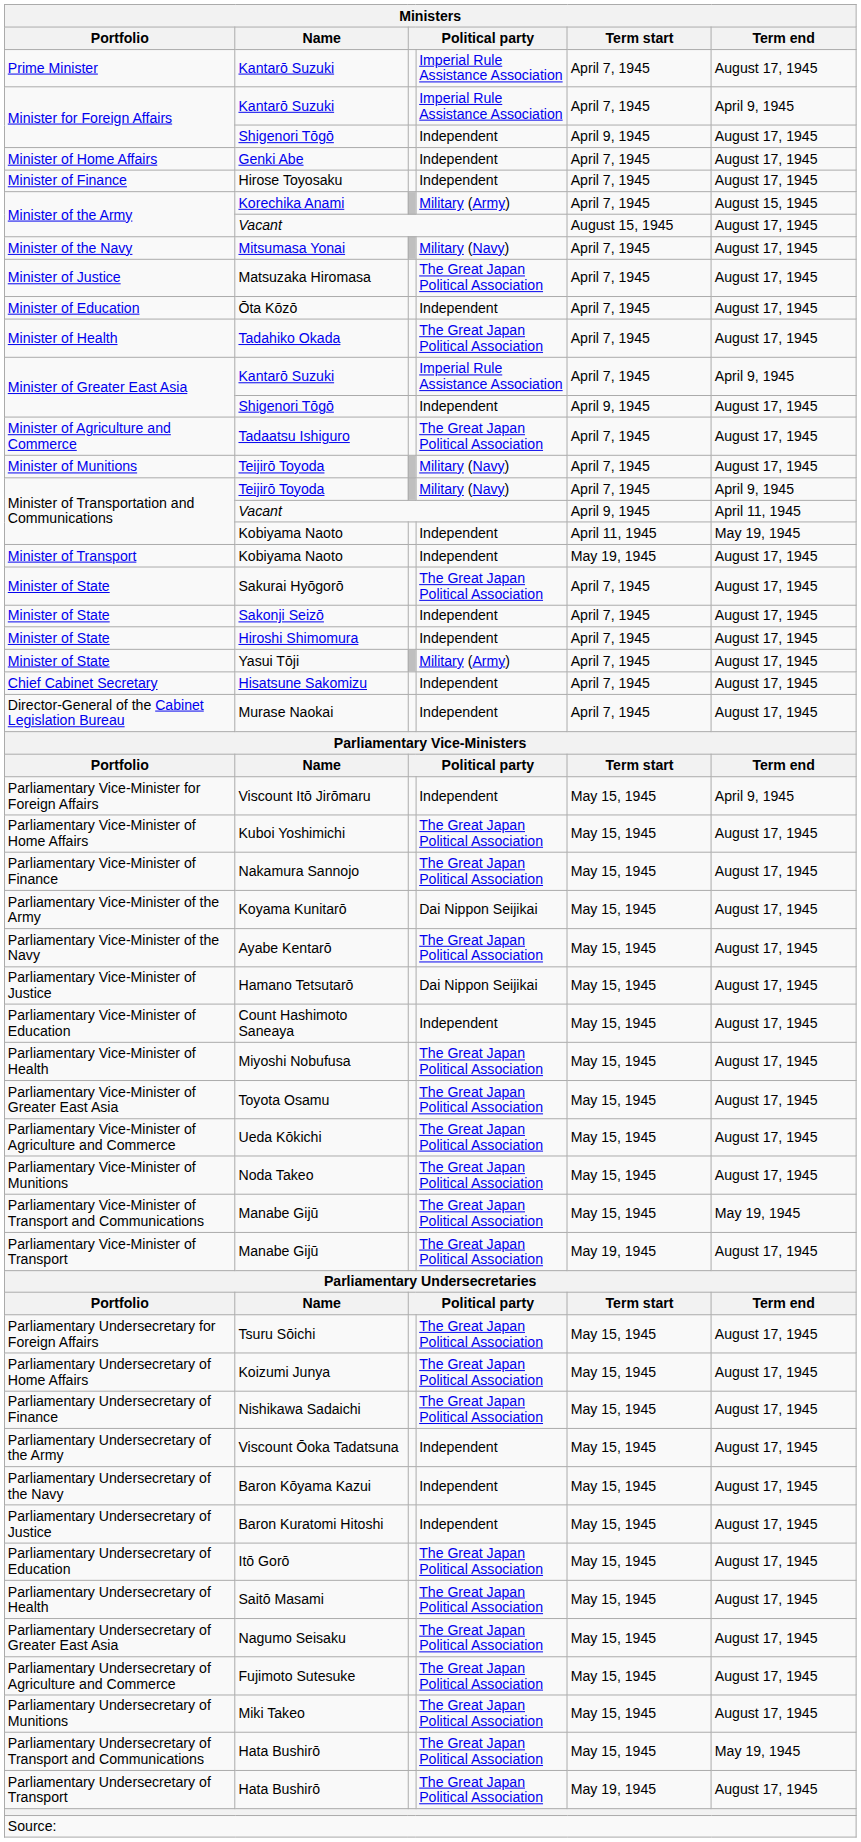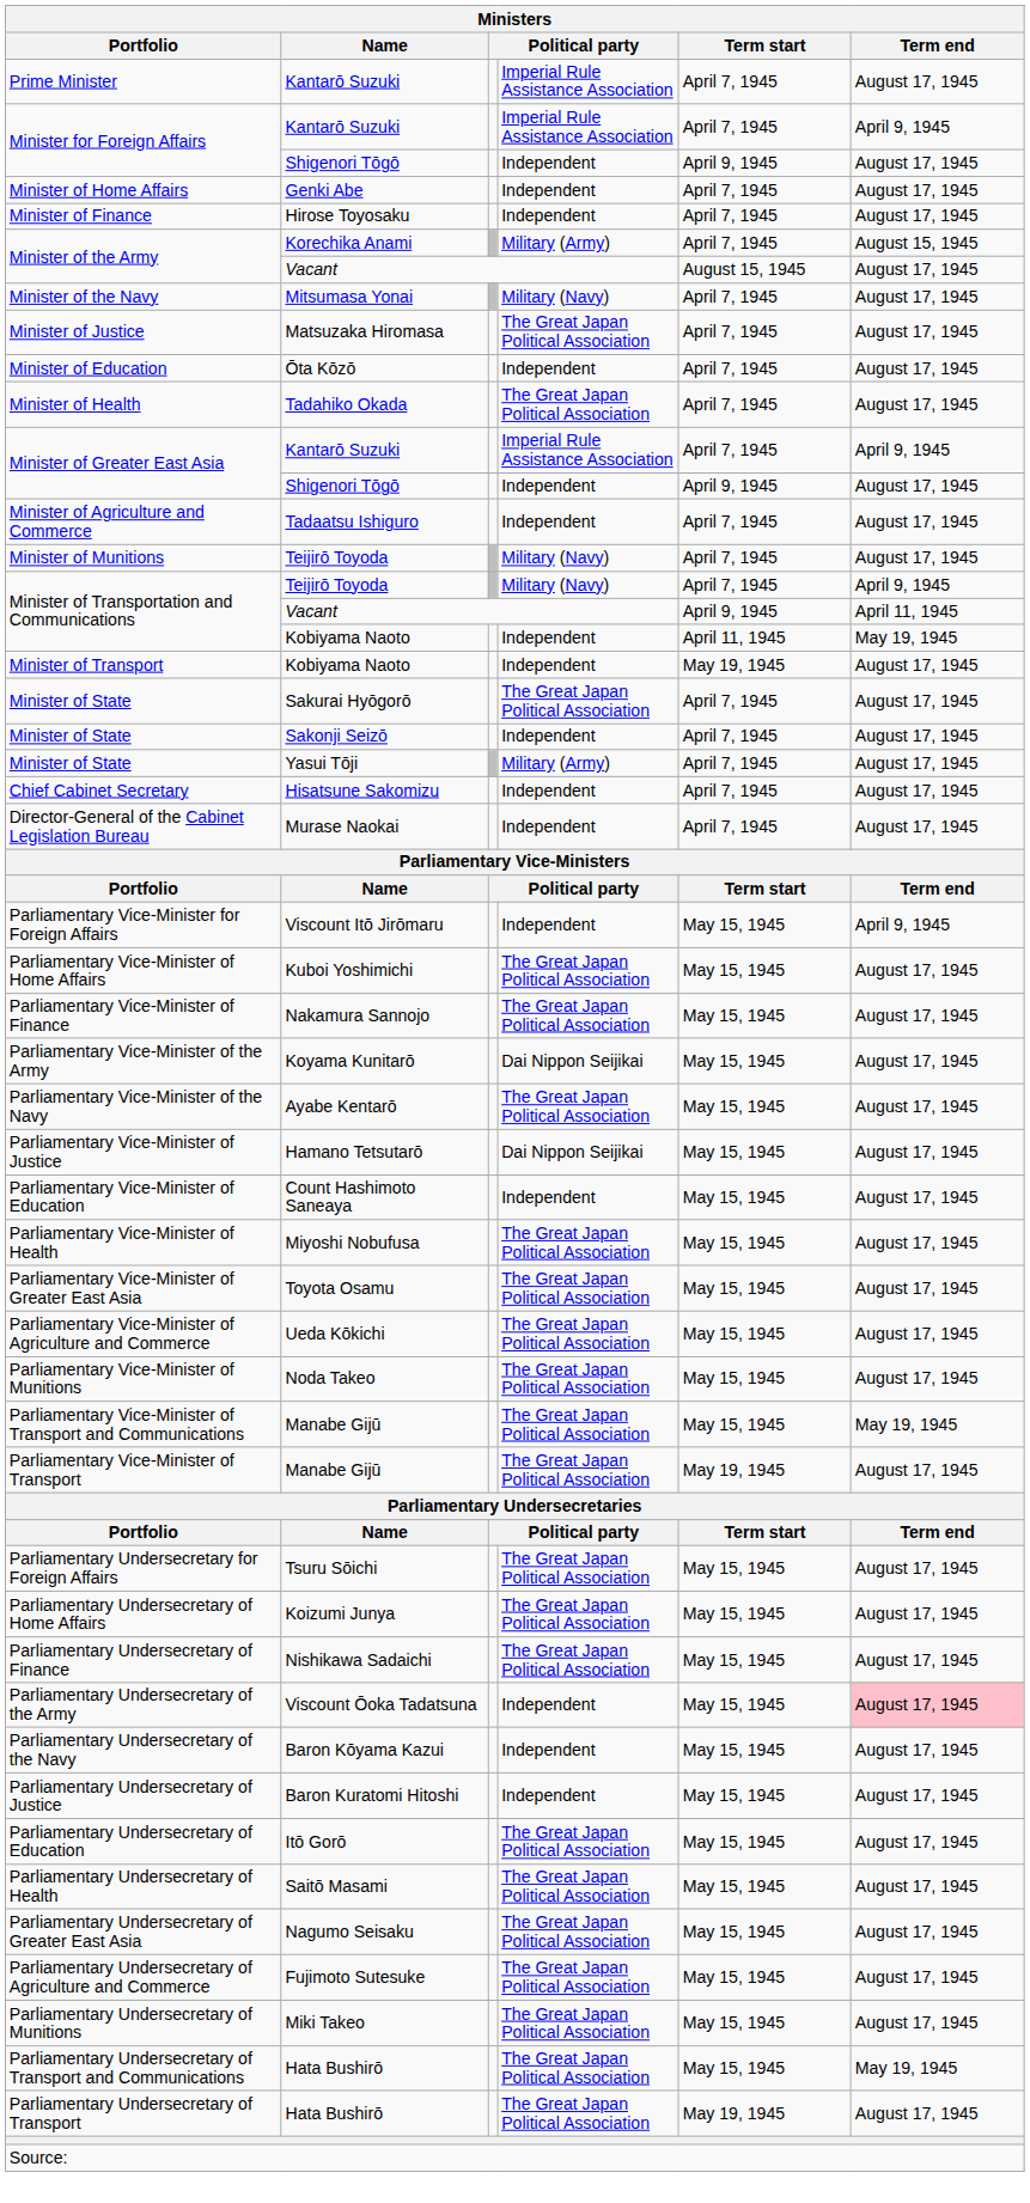 <table class="wikitable unsortable" style="font-size: 90%;">
 <tr>
 <th colspan="6">Ministers</th>
 </tr>
 <tr>
 <th scope="col" width="20%">Portfolio</th>
 <th scope="col" width="15%">Name</th>
 <th colspan="2" scope="col" width="13.5%">Political party</th>
 <th scope="col" width="12.5%">Term start</th>
 <th scope="col" width="12.5%">Term end</th>
 </tr>
 <tr>
 <td style="text-align: left;"><a href='#'>Prime Minister</a></td>
 <td><a href='#'>Kantarō Suzuki</a></td>
 <td style="color:inherit;background:"></td>
 <td><a href='#'>Imperial Rule Assistance Association</a></td>
 <td>April 7, 1945</td>
 <td>August 17, 1945</td>
 </tr>
 <tr>
 <td rowspan="2"><a href='#'>Minister for Foreign Affairs</a></td>
 <td><a href='#'>Kantarō Suzuki</a></td>
 <td style="color:inherit;background:"></td>
 <td><a href='#'>Imperial Rule Assistance Association</a></td>
 <td>April 7, 1945</td>
 <td>April 9, 1945</td>
 </tr>
 <tr>
 <td><a href='#'>Shigenori Tōgō</a></td>
 <td style="color:inherit;background:"></td>
 <td>Independent</td>
 <td>April 9, 1945</td>
 <td>August 17, 1945</td>
 </tr>
 <tr>
 <td><a href='#'>Minister of Home Affairs</a></td>
 <td><a href='#'>Genki Abe</a></td>
 <td style="color:inherit;background:"></td>
 <td>Independent</td>
 <td>April 7, 1945</td>
 <td>August 17, 1945</td>
 </tr>
 <tr>
 <td><a href='#'>Minister of Finance</a></td>
 <td>Hirose Toyosaku</td>
 <td style="color:inherit;background:"></td>
 <td>Independent</td>
 <td>April 7, 1945</td>
 <td>August 17, 1945</td>
 </tr>
 <tr>
 <td rowspan="2"><a href='#'>Minister of the Army</a></td>
 <td><a href='#'>Korechika Anami</a></td>
 <td style="color:inherit;background:#bfbfbf"></td>
 <td><a href='#'>Military</a> (<a href='#'>Army</a>)</td>
 <td>April 7, 1945</td>
 <td>August 15, 1945</td>
 </tr>
 <tr>
 <td colspan="3"><em>Vacant</em></td>
 <td>August 15, 1945</td>
 <td>August 17, 1945</td>
 </tr>
 <tr>
 <td><a href='#'>Minister of the Navy</a></td>
 <td><a href='#'>Mitsumasa Yonai</a></td>
 <td style="color:inherit;background:#bfbfbf"></td>
 <td><a href='#'>Military</a> (<a href='#'>Navy</a>)</td>
 <td>April 7, 1945</td>
 <td>August 17, 1945</td>
 </tr>
 <tr>
 <td><a href='#'>Minister of Justice</a></td>
 <td>Matsuzaka Hiromasa</td>
 <td style="color:inherit;background:"></td>
 <td><a href='#'>The Great Japan Political Association</a></td>
 <td>April 7, 1945</td>
 <td>August 17, 1945</td>
 </tr>
 <tr>
 <td><a href='#'>Minister of Education</a></td>
 <td>Ōta Kōzō</td>
 <td style="color:inherit;background:"></td>
 <td>Independent</td>
 <td>April 7, 1945</td>
 <td>August 17, 1945</td>
 </tr>
 <tr>
 <td><a href='#'>Minister of Health</a></td>
 <td><a href='#'>Tadahiko Okada</a></td>
 <td style="color:inherit;background:"></td>
 <td><a href='#'>The Great Japan Political Association</a></td>
 <td>April 7, 1945</td>
 <td>August 17, 1945</td>
 </tr>
 <tr>
 <td rowspan="2"><a href='#'>Minister of Greater East Asia</a></td>
 <td><a href='#'>Kantarō Suzuki</a></td>
 <td style="color:inherit;background:"></td>
 <td><a href='#'>Imperial Rule Assistance Association</a></td>
 <td>April 7, 1945</td>
 <td>April 9, 1945</td>
 </tr>
 <tr>
 <td><a href='#'>Shigenori Tōgō</a></td>
 <td style="color:inherit;background:"></td>
 <td>Independent</td>
 <td>April 9, 1945</td>
 <td>August 17, 1945</td>
 </tr>
 <tr>
 <td><a href='#'>Minister of Agriculture and Commerce</a></td>
 <td><a href='#'>Tadaatsu Ishiguro</a></td>
 <td style="color:inherit;background:"></td>
-<td><a href='#'>The Great Japan Political Association</a></td>
+<td>Independent</td>
 <td>April 7, 1945</td>
 <td>August 17, 1945</td>
 </tr>
 <tr>
 <td><a href='#'>Minister of Munitions</a></td>
 <td><a href='#'>Teijirō Toyoda</a></td>
 <td style="color:inherit;background:#bfbfbf"></td>
 <td><a href='#'>Military</a> (<a href='#'>Navy</a>)</td>
 <td>April 7, 1945</td>
 <td>August 17, 1945</td>
 </tr>
 <tr>
 <td rowspan="3">Minister of Transportation and Communications</td>
 <td><a href='#'>Teijirō Toyoda</a></td>
 <td style="color:inherit;background:#bfbfbf"></td>
 <td><a href='#'>Military</a> (<a href='#'>Navy</a>)</td>
 <td>April 7, 1945</td>
 <td>April 9, 1945</td>
 </tr>
 <tr>
 <td colspan="3"><em>Vacant</em></td>
 <td>April 9, 1945</td>
 <td>April 11, 1945</td>
 </tr>
 <tr>
 <td>Kobiyama Naoto</td>
 <td style="color:inherit;background:"></td>
 <td>Independent</td>
 <td>April 11, 1945</td>
 <td>May 19, 1945</td>
 </tr>
 <tr>
 <td><a href='#'>Minister of Transport</a></td>
 <td>Kobiyama Naoto</td>
 <td style="color:inherit;background:"></td>
 <td>Independent</td>
 <td>May 19, 1945</td>
 <td>August 17, 1945</td>
 </tr>
 <tr>
 <td><a href='#'>Minister of State</a></td>
 <td>Sakurai Hyōgorō</td>
 <td style="color:inherit;background:"></td>
 <td><a href='#'>The Great Japan Political Association</a></td>
 <td>April 7, 1945</td>
 <td>August 17, 1945</td>
 </tr>
 <tr>
 <td><a href='#'>Minister of State</a></td>
 <td><a href='#'>Sakonji Seizō</a></td>
-<td style="color:inherit;background:"></td>
-<td>Independent</td>
-<td>April 7, 1945</td>
-<td>August 17, 1945</td>
-</tr>
-<tr>
-<td><a href='#'>Minister of State</a></td>
-<td><a href='#'>Hiroshi Shimomura</a></td>
 <td style="color:inherit;background:"></td>
 <td>Independent</td>
 <td>April 7, 1945</td>
 <td>August 17, 1945</td>
 </tr>
 <tr>
 <td><a href='#'>Minister of State</a></td>
 <td>Yasui Tōji</td>
 <td style="color:inherit;background:#bfbfbf"></td>
 <td><a href='#'>Military</a> (<a href='#'>Army</a>)</td>
 <td>April 7, 1945</td>
 <td>August 17, 1945</td>
 </tr>
 <tr>
 <td><a href='#'>Chief Cabinet Secretary</a></td>
 <td><a href='#'>Hisatsune Sakomizu</a></td>
 <td style="color:inherit;background:"></td>
 <td>Independent</td>
 <td>April 7, 1945</td>
 <td>August 17, 1945</td>
 </tr>
 <tr>
 <td>Director-General of the <a href='#'>Cabinet Legislation Bureau</a></td>
 <td>Murase Naokai</td>
 <td style="color:inherit;background:"></td>
 <td>Independent</td>
 <td>April 7, 1945</td>
 <td>August 17, 1945</td>
 </tr>
 <tr>
 <th colspan="6">Parliamentary Vice-Ministers</th>
 </tr>
 <tr>
 <th>Portfolio</th>
 <th>Name</th>
 <th colspan="2">Political party</th>
 <th>Term start</th>
 <th>Term end</th>
 </tr>
 <tr>
 <td>Parliamentary Vice-Minister for Foreign Affairs</td>
 <td>Viscount Itō Jirōmaru</td>
 <td style="color:inherit;background:"></td>
 <td>Independent</td>
 <td>May 15, 1945</td>
 <td>April 9, 1945</td>
 </tr>
 <tr>
 <td>Parliamentary Vice-Minister of Home Affairs</td>
 <td>Kuboi Yoshimichi</td>
 <td style="color:inherit;background:"></td>
 <td><a href='#'>The Great Japan Political Association</a></td>
 <td>May 15, 1945</td>
 <td>August 17, 1945</td>
 </tr>
 <tr>
 <td>Parliamentary Vice-Minister of Finance</td>
 <td>Nakamura Sannojo</td>
 <td style="color:inherit;background:"></td>
 <td><a href='#'>The Great Japan Political Association</a></td>
 <td>May 15, 1945</td>
 <td>August 17, 1945</td>
 </tr>
 <tr>
 <td>Parliamentary Vice-Minister of the Army</td>
 <td>Koyama Kunitarō</td>
 <td style="color:inherit;background:"></td>
 <td>Dai Nippon Seijikai</td>
 <td>May 15, 1945</td>
 <td>August 17, 1945</td>
 </tr>
 <tr>
 <td>Parliamentary Vice-Minister of the Navy</td>
 <td>Ayabe Kentarō</td>
 <td style="color:inherit;background:"></td>
 <td><a href='#'>The Great Japan Political Association</a></td>
 <td>May 15, 1945</td>
 <td>August 17, 1945</td>
 </tr>
 <tr>
 <td>Parliamentary Vice-Minister of Justice</td>
 <td>Hamano Tetsutarō</td>
 <td style="color:inherit;background:"></td>
 <td>Dai Nippon Seijikai</td>
 <td>May 15, 1945</td>
 <td>August 17, 1945</td>
 </tr>
 <tr>
 <td>Parliamentary Vice-Minister of Education</td>
 <td>Count Hashimoto Saneaya</td>
 <td style="color:inherit;background:"></td>
 <td>Independent</td>
 <td>May 15, 1945</td>
 <td>August 17, 1945</td>
 </tr>
 <tr>
 <td>Parliamentary Vice-Minister of Health</td>
 <td>Miyoshi Nobufusa</td>
 <td style="color:inherit;background:"></td>
 <td><a href='#'>The Great Japan Political Association</a></td>
 <td>May 15, 1945</td>
 <td>August 17, 1945</td>
 </tr>
 <tr>
 <td>Parliamentary Vice-Minister of Greater East Asia</td>
 <td>Toyota Osamu</td>
 <td style="color:inherit;background:"></td>
 <td><a href='#'>The Great Japan Political Association</a></td>
 <td>May 15, 1945</td>
 <td>August 17, 1945</td>
 </tr>
 <tr>
 <td>Parliamentary Vice-Minister of Agriculture and Commerce</td>
 <td>Ueda Kōkichi</td>
 <td style="color:inherit;background:"></td>
 <td><a href='#'>The Great Japan Political Association</a></td>
 <td>May 15, 1945</td>
 <td>August 17, 1945</td>
 </tr>
 <tr>
 <td>Parliamentary Vice-Minister of Munitions</td>
 <td>Noda Takeo</td>
 <td style="color:inherit;background:"></td>
 <td><a href='#'>The Great Japan Political Association</a></td>
 <td>May 15, 1945</td>
 <td>August 17, 1945</td>
 </tr>
 <tr>
 <td>Parliamentary Vice-Minister of Transport and Communications</td>
 <td>Manabe Gijū</td>
 <td style="color:inherit;background:"></td>
 <td><a href='#'>The Great Japan Political Association</a></td>
 <td>May 15, 1945</td>
 <td>May 19, 1945</td>
 </tr>
 <tr>
 <td>Parliamentary Vice-Minister of Transport</td>
 <td>Manabe Gijū</td>
 <td style="color:inherit;background:"></td>
 <td><a href='#'>The Great Japan Political Association</a></td>
 <td>May 19, 1945</td>
 <td>August 17, 1945</td>
 </tr>
 <tr>
 <th colspan="6">Parliamentary Undersecretaries</th>
 </tr>
 <tr>
 <th>Portfolio</th>
 <th>Name</th>
 <th colspan="2">Political party</th>
 <th>Term start</th>
 <th>Term end</th>
 </tr>
 <tr>
 <td>Parliamentary Undersecretary for Foreign Affairs</td>
 <td>Tsuru Sōichi</td>
 <td style="color:inherit;background:"></td>
 <td><a href='#'>The Great Japan Political Association</a></td>
 <td>May 15, 1945</td>
 <td>August 17, 1945</td>
 </tr>
 <tr>
 <td>Parliamentary Undersecretary of Home Affairs</td>
 <td>Koizumi Junya</td>
 <td style="color:inherit;background:"></td>
 <td><a href='#'>The Great Japan Political Association</a></td>
 <td>May 15, 1945</td>
 <td>August 17, 1945</td>
 </tr>
 <tr>
 <td>Parliamentary Undersecretary of Finance</td>
 <td>Nishikawa Sadaichi</td>
 <td style="color:inherit;background:"></td>
 <td><a href='#'>The Great Japan Political Association</a></td>
 <td>May 15, 1945</td>
 <td>August 17, 1945</td>
 </tr>
 <tr>
 <td>Parliamentary Undersecretary of the Army</td>
 <td>Viscount Ōoka Tadatsuna</td>
 <td style="color:inherit;background:"></td>
 <td>Independent</td>
 <td>May 15, 1945</td>
-<td>August 17, 1945</td>
+<td style="background: pink;">August 17, 1945</td>
 </tr>
 <tr>
 <td>Parliamentary Undersecretary of the Navy</td>
 <td>Baron Kōyama Kazui</td>
 <td style="color:inherit;background:"></td>
 <td>Independent</td>
 <td>May 15, 1945</td>
 <td>August 17, 1945</td>
 </tr>
 <tr>
 <td>Parliamentary Undersecretary of Justice</td>
 <td>Baron Kuratomi Hitoshi</td>
 <td style="color:inherit;background:"></td>
 <td>Independent</td>
 <td>May 15, 1945</td>
 <td>August 17, 1945</td>
 </tr>
 <tr>
 <td>Parliamentary Undersecretary of Education</td>
 <td>Itō Gorō</td>
 <td style="color:inherit;background:"></td>
 <td><a href='#'>The Great Japan Political Association</a></td>
 <td>May 15, 1945</td>
 <td>August 17, 1945</td>
 </tr>
 <tr>
 <td>Parliamentary Undersecretary of Health</td>
 <td>Saitō Masami</td>
 <td style="color:inherit;background:"></td>
 <td><a href='#'>The Great Japan Political Association</a></td>
 <td>May 15, 1945</td>
 <td>August 17, 1945</td>
 </tr>
 <tr>
 <td>Parliamentary Undersecretary of Greater East Asia</td>
 <td>Nagumo Seisaku</td>
 <td style="color:inherit;background:"></td>
 <td><a href='#'>The Great Japan Political Association</a></td>
 <td>May 15, 1945</td>
 <td>August 17, 1945</td>
 </tr>
 <tr>
 <td>Parliamentary Undersecretary of Agriculture and Commerce</td>
 <td>Fujimoto Sutesuke</td>
 <td style="color:inherit;background:"></td>
 <td><a href='#'>The Great Japan Political Association</a></td>
 <td>May 15, 1945</td>
 <td>August 17, 1945</td>
 </tr>
 <tr>
 <td>Parliamentary Undersecretary of Munitions</td>
 <td>Miki Takeo</td>
 <td style="color:inherit;background:"></td>
 <td><a href='#'>The Great Japan Political Association</a></td>
 <td>May 15, 1945</td>
 <td>August 17, 1945</td>
 </tr>
 <tr>
 <td>Parliamentary Undersecretary of Transport and Communications</td>
 <td>Hata Bushirō</td>
 <td style="color:inherit;background:"></td>
 <td><a href='#'>The Great Japan Political Association</a></td>
 <td>May 15, 1945</td>
 <td>May 19, 1945</td>
 </tr>
 <tr>
 <td>Parliamentary Undersecretary of Transport</td>
 <td>Hata Bushirō</td>
 <td style="color:inherit;background:"></td>
 <td><a href='#'>The Great Japan Political Association</a></td>
 <td>May 19, 1945</td>
 <td>August 17, 1945</td>
 </tr>
 <tr>
 <th colspan="6"></th>
 </tr>
 <tr>
 <td colspan="6">Source:</td>
 </tr>
 </table>
